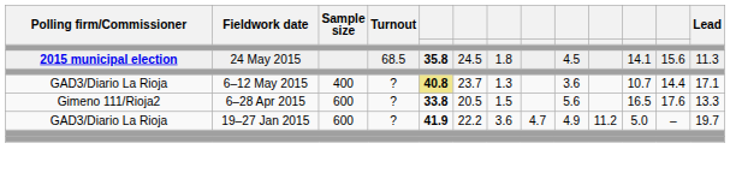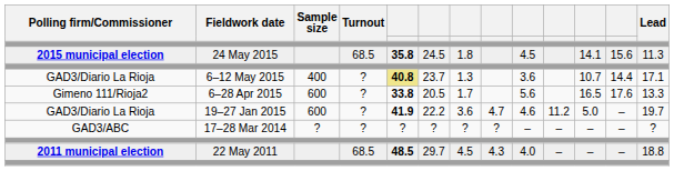 <table class="wikitable collapsible collapsed" style="text-align:center; font-size:95%; line-height:16px;">
 <tr style="height:42px;">
 <th style="width:250px;" rowspan="2">Polling firm/Commissioner</th>
 <th style="width:125px;" rowspan="2">Fieldwork date</th>
 <th style="width:50px;" rowspan="2">Sample size</th>
 <th style="width:45px;" rowspan="2">Turnout</th>
 <th style="width:35px;"></th>
 <th style="width:35px;"></th>
 <th style="width:35px;"></th>
 <th style="width:35px;"></th>
 <th style="width:35px;"></th>
 <th style="width:35px;"></th>
 <th style="width:35px;"></th>
 <th style="width:35px;"></th>
 <th style="width:30px;" rowspan="2">Lead</th>
 </tr>
 <tr>
 <th style="color:inherit;background:"></th>
 <th style="color:inherit;background:"></th>
 <th style="color:inherit;background:"></th>
 <th style="color:inherit;background:"></th>
 <th style="color:inherit;background:"></th>
 <th style="color:inherit;background:"></th>
 <th style="color:inherit;background:"></th>
 <th style="color:inherit;background:"></th>
 </tr>
 <tr>
 <td colspan="13" style="background:#A0A0A0"></td>
 </tr>
 <tr style="background:#EFEFEF;">
 <td><strong><a href='#'>2015 municipal election</a></strong></td>
 <td>24 May 2015</td>
 <td></td>
 <td>68.5</td>
 <td><strong>35.8</strong><br></td>
 <td>24.5<br></td>
 <td>1.8<br></td>
 <td></td>
 <td>4.5<br></td>
 <td></td>
 <td>14.1<br></td>
 <td>15.6<br></td>
 <td style="background:">11.3</td>
 </tr>
 <tr>
 <td colspan="13" style="background:#A0A0A0"></td>
 </tr>
 <tr>
 <td>GAD3/Diario La Rioja</td>
 <td>6–12 May 2015</td>
 <td>400</td>
 <td>?</td>
 <td style="background: khaki;"><strong>40.8</strong><br></td>
 <td>23.7<br></td>
 <td>1.3<br></td>
 <td></td>
 <td>3.6<br></td>
 <td></td>
 <td>10.7<br></td>
 <td>14.4<br></td>
 <td style="background:">17.1</td>
 </tr>
 <tr>
 <td>Gimeno 111/Rioja2</td>
 <td>6–28 Apr 2015</td>
 <td>600</td>
 <td>?</td>
 <td><strong>33.8</strong><br></td>
 <td>20.5<br></td>
-<td>1.5<br></td>
+<td>1.7<br></td>
 <td></td>
 <td>5.6<br></td>
 <td></td>
 <td>16.5<br></td>
 <td>17.6<br></td>
 <td style="background:">13.3</td>
 </tr>
 <tr>
 <td>GAD3/Diario La Rioja</td>
 <td>19–27 Jan 2015</td>
 <td>600</td>
 <td>?</td>
 <td><strong>41.9</strong><br></td>
 <td>22.2<br></td>
 <td>3.6<br></td>
 <td>4.7<br></td>
-<td>4.9<br></td>
+<td>4.6<br></td>
 <td>11.2<br></td>
 <td>5.0<br></td>
 <td>–</td>
 <td style="background:">19.7</td>
 </tr>
 <tr>
+<td>GAD3/ABC</td>
+<td>17–28 Mar 2014</td>
+<td>?</td>
+<td>?</td>
+<td>?<br></td>
+<td>?<br></td>
+<td>?<br></td>
+<td>?<br></td>
+<td>–</td>
+<td>–</td>
+<td>–</td>
+<td>–</td>
+<td style="background:">?</td>
+</tr>
+<tr>
 <td colspan="13" style="background:#A0A0A0"></td>
+</tr>
+<tr style="background:#EFEFEF;">
+<td><strong><a href='#'>2011 municipal election</a></strong></td>
+<td>22 May 2011</td>
+<td></td>
+<td>68.5</td>
+<td><strong>48.5</strong><br></td>
+<td>29.7<br></td>
+<td>4.5<br></td>
+<td>4.3<br></td>
+<td>4.0<br></td>
+<td>–</td>
+<td>–</td>
+<td>–</td>
+<td style="background:">18.8</td>
 </tr>
 <tr>
 <td colspan="13" style="background:#A0A0A0"></td>
 </tr>
 </table>
